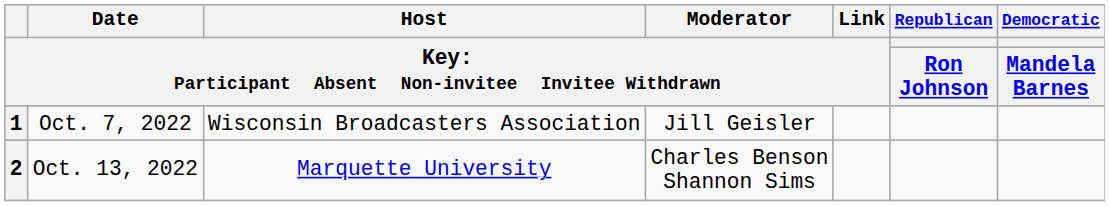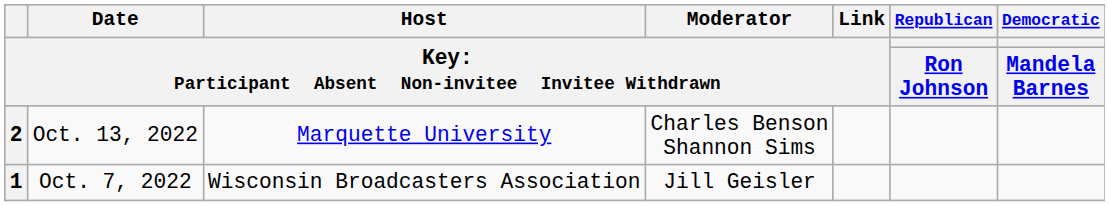 <table class="wikitable" style="text-align:center;">
 <tr style="font-size:small;">
 <th scope="col"></th>
 <th scope="col">Date</th>
 <th scope="col">Host</th>
 <th scope="col">Moderator</th>
 <th scope="col">Link</th>
 <th scope="col"><small><a href='#'>Republican</a></small></th>
 <th scope="col"><small><a href='#'>Democratic</a></small></th>
 </tr>
 <tr>
 <th colspan="5" rowspan="2">Key:<br> <small>Participant </small>  <small>Absent </small>  <small>Non-invitee </small>  <small>Invitee  Withdrawn</small></th>
 <th scope="col" style="background:"></th>
 <th scope="col" style="background:"></th>
 </tr>
 <tr>
 <th scope="col"><a href='#'>Ron Johnson</a></th>
 <th scope="col"><a href='#'>Mandela Barnes</a></th>
 </tr>
 <tr>
+<th scope="row">2</th>
+<td style="white-space:nowrap;">Oct. 13, 2022</td>
+<td style="white-space:nowrap;"><a href='#'>Marquette University</a></td>
+<td style="white-space:nowrap;">Charles Benson<br>Shannon Sims</td>
+<td style="white-space:nowrap;"></td>
+<td></td>
+<td></td>
+</tr>
+<tr>
 <th scope="row">1</th>
 <td style="white-space:nowrap;">Oct. 7, 2022</td>
 <td style="white-space:nowrap;">Wisconsin Broadcasters Association</td>
 <td style="white-space:nowrap;">Jill Geisler</td>
 <td style="white-space:nowrap;"></td>
 <td></td>
 <td></td>
 </tr>
-<tr>
-<th scope="row">2</th>
-<td style="white-space:nowrap;">Oct. 13, 2022</td>
-<td style="white-space:nowrap;"><a href='#'>Marquette University</a></td>
-<td style="white-space:nowrap;">Charles Benson<br>Shannon Sims</td>
-<td style="white-space:nowrap;"></td>
-<td></td>
-<td></td>
-</tr>
 </table>
